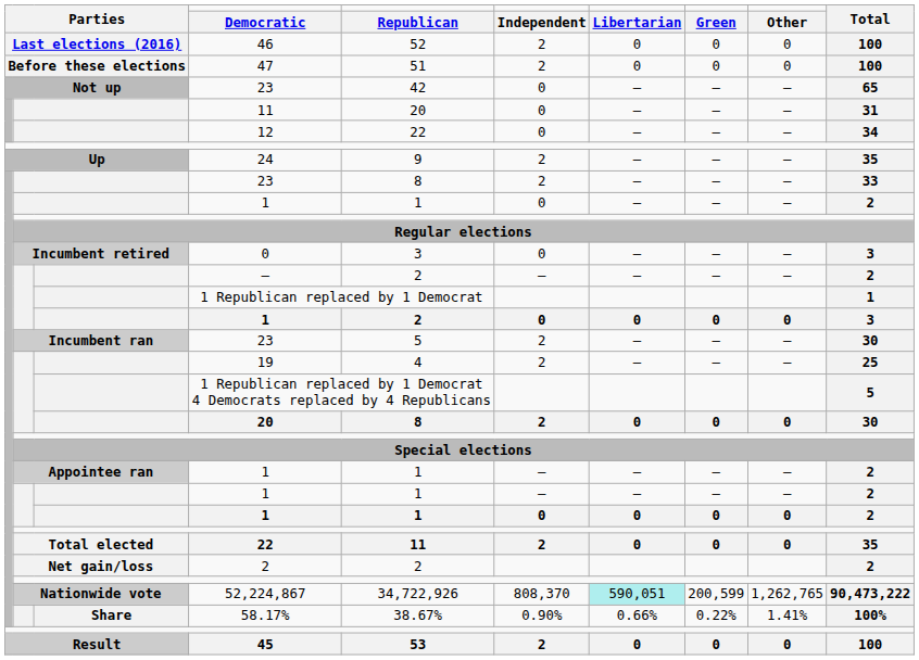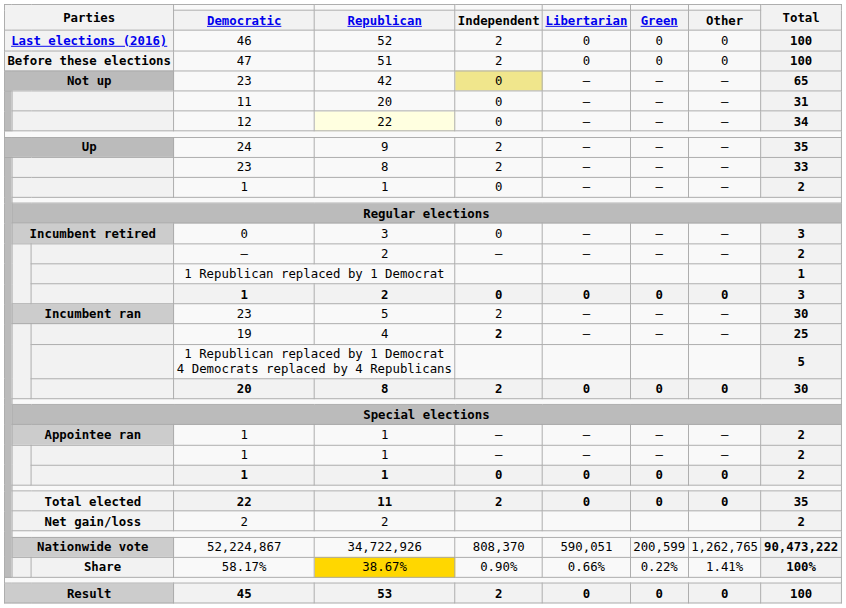 <table class=wikitable style="text-align:center">
 <tr>
 <th colspan=3 rowspan=2>Parties</th>
 <td style="background-color:"></td>
 <td style="background-color:"></td>
 <td style="background-color:"></td>
 <td style="background-color:"></td>
 <td style="background-color:"></td>
 <td style="background-color:"></td>
 <th rowspan=2>Total</th>
 </tr>
 <tr>
 <th><a href='#'>Democratic</a></th>
 <th><a href='#'>Republican</a></th>
 <th>Independent</th>
 <th><a href='#'>Libertarian</a></th>
 <th><a href='#'>Green</a></th>
 <th>Other</th>
 </tr>
 <tr>
 <th colspan=3><a href='#'>Last elections (2016)</a></th>
 <td>46</td>
 <td>52</td>
 <td>2</td>
 <td>0</td>
 <td>0</td>
 <td>0</td>
 <th>100</th>
 </tr>
 <tr>
 <th colspan=3>Before these elections</th>
 <td>47</td>
 <td>51</td>
 <td>2</td>
 <td>0</td>
 <td>0</td>
 <td>0</td>
 <th>100</th>
 </tr>
 <tr>
 <th colspan=3 style="background:#bbb">Not up</th>
 <td>23</td>
 <td>42</td>
-<td>0</td>
+<td style="background: khaki;">0</td>
 <td>—</td>
 <td>—</td>
 <td>—</td>
 <th>65</th>
 </tr>
 <tr>
 <th rowspan=2 style="background:#bbb"></th>
 <th colspan=2></th>
 <td>11</td>
 <td>20</td>
 <td>0</td>
 <td>—</td>
 <td>—</td>
 <td>—</td>
 <th>31</th>
 </tr>
 <tr>
 <th colspan=2></th>
 <td>12</td>
-<td>22</td>
+<td style="background: lightyellow;">22</td>
 <td>0</td>
 <td>—</td>
 <td>—</td>
 <td>—</td>
 <th>34</th>
 </tr>
 <tr>
 <td colspan=100></td>
 </tr>
 <tr>
 <th colspan=3 style="background:#bbb">Up</th>
 <td>24</td>
 <td>9</td>
 <td>2</td>
 <td>—</td>
 <td>—</td>
 <td>—</td>
 <th>35</th>
 </tr>
 <tr>
 <th rowspan=23 style="background:#bbb"></th>
 <th colspan=2></th>
 <td>23</td>
 <td>8</td>
 <td>2</td>
 <td>—</td>
 <td>—</td>
 <td>—</td>
 <th>33</th>
 </tr>
 <tr>
 <th colspan=2></th>
 <td>1</td>
 <td>1</td>
 <td>0</td>
 <td>—</td>
 <td>—</td>
 <td>—</td>
 <th>2</th>
 </tr>
 <tr>
 <td colspan=100></td>
 </tr>
 <tr>
 <th colspan=9 style="background:#bbb">Regular elections</th>
 </tr>
 <tr>
 <th colspan=2 style="background:#ccc">Incumbent retired</th>
 <td>0</td>
 <td>3</td>
 <td>0</td>
 <td>—</td>
 <td>—</td>
 <td>—</td>
 <th>3</th>
 </tr>
 <tr>
 <th rowspan=3></th>
 <th></th>
 <td>—</td>
 <td>2</td>
 <td>—</td>
 <td>—</td>
 <td>—</td>
 <td>—</td>
 <th>2</th>
 </tr>
 <tr>
 <th></th>
 <td colspan=2 > 1 Republican replaced by  1 Democrat</td>
 <td></td>
 <td></td>
 <td></td>
 <td></td>
 <th>1</th>
 </tr>
 <tr>
 <th></th>
 <th>1</th>
 <th>2</th>
 <th>0</th>
 <th>0</th>
 <th>0</th>
 <th>0</th>
 <th>3</th>
 </tr>
 <tr>
 <th colspan=2 style="background:#ccc">Incumbent ran</th>
 <td>23</td>
 <td>5</td>
 <td>2</td>
 <td>—</td>
 <td>—</td>
 <td>—</td>
 <th>30</th>
 </tr>
 <tr>
 <th rowspan=3></th>
 <th></th>
 <td>19</td>
 <td>4</td>
-<td>2</td>
+<td><strong>2</strong></td>
 <td>—</td>
 <td>—</td>
 <td>—</td>
 <th>25</th>
 </tr>
 <tr>
 <th></th>
 <td colspan=2 > 1 Republican replaced by  1 Democrat<br> 4 Democrats replaced by  4 Republicans</td>
 <td></td>
 <td></td>
 <td></td>
 <td></td>
 <th>5</th>
 </tr>
 <tr>
 <th></th>
 <th>20</th>
 <th>8</th>
 <th>2</th>
 <th>0</th>
 <th>0</th>
 <th>0</th>
 <th>30</th>
 </tr>
 <tr>
 <td colspan=100></td>
 </tr>
 <tr>
 <th colspan=9 style="background:#bbb">Special elections</th>
 </tr>
 <tr>
 <th colspan=2 style="background:#ccc">Appointee ran</th>
 <td>1</td>
 <td>1</td>
 <td>—</td>
 <td>—</td>
 <td>—</td>
 <td>—</td>
 <th>2</th>
 </tr>
 <tr>
 <th rowspan=2></th>
 <th></th>
 <td>1</td>
 <td>1</td>
 <td>—</td>
 <td>—</td>
 <td>—</td>
 <td>—</td>
 <th>2</th>
 </tr>
 <tr>
 <th></th>
 <th>1</th>
 <th>1</th>
 <th>0</th>
 <th>0</th>
 <th>0</th>
 <th>0</th>
 <th>2</th>
 </tr>
 <tr>
 <td colspan=100></td>
 </tr>
 <tr>
 <th colspan=2>Total elected</th>
 <th>22</th>
 <th>11</th>
 <th>2</th>
 <th>0</th>
 <th>0</th>
 <th>0</th>
 <th>35</th>
 </tr>
 <tr>
 <th colspan=2>Net gain/loss</th>
 <td> 2</td>
 <td> 2</td>
 <td></td>
 <td></td>
 <td></td>
 <td></td>
 <th>2</th>
 </tr>
 <tr>
 <td colspan=100></td>
 </tr>
 <tr>
 <th colspan=2 style="background:#ccc">Nationwide vote</th>
 <td>52,224,867</td>
 <td>34,722,926</td>
 <td>808,370</td>
-<td style="background: paleturquoise;">590,051</td>
+<td>590,051</td>
 <td>200,599</td>
 <td>1,262,765</td>
 <th>90,473,222</th>
 </tr>
 <tr>
 <th></th>
 <th>Share</th>
 <td>58.17%</td>
-<td>38.67%</td>
+<td style="background: gold;">38.67%</td>
 <td>0.90%</td>
 <td>0.66%</td>
 <td>0.22%</td>
 <td>1.41%</td>
 <th>100%</th>
 </tr>
 <tr>
 <td colspan=100></td>
 </tr>
 <tr>
 <th colspan=3 style="background:#ccc">Result</th>
 <th>45</th>
 <th>53</th>
 <th>2</th>
 <th>0</th>
 <th>0</th>
 <th>0</th>
 <th>100</th>
 </tr>
 </table>
